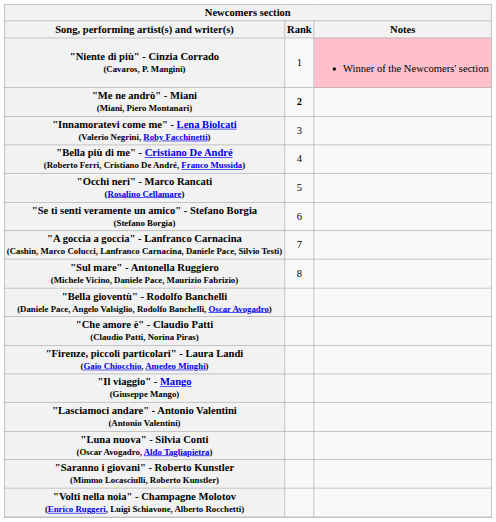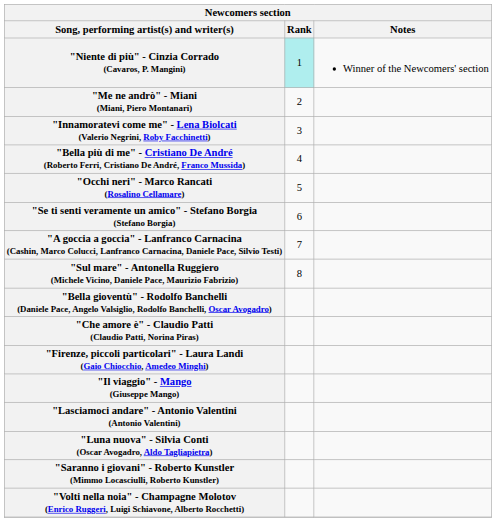 <table class="plainrowheaders wikitable">
 <tr>
 <th colspan="3">Newcomers section </th>
 </tr>
 <tr>
 <th>Song, performing artist(s) and writer(s)</th>
 <th>Rank</th>
 <th>Notes</th>
 </tr>
 <tr>
 <th scope="row">"Niente di più" - Cinzia Corrado <br><small>(Cavaros, P. Mangini)</small></th>
-<td style="text-align:center;">1</td>
-<td style="background: pink;"><br><ul><li>Winner of the Newcomers' section</li></ul></td>
+<td style="background: paleturquoise; text-align:center;">1</td>
+<td><br><ul><li>Winner of the Newcomers' section</li></ul></td>
 </tr>
 <tr>
 <th scope="row">"Me ne andrò" - Miani <br><small>(Miani, Piero Montanari)</small></th>
-<td style="text-align:center;"><strong>2</strong></td>
+<td style="text-align:center;">2</td>
 <td></td>
 </tr>
 <tr>
 <th scope="row">"Innamoratevi come me" - <a href='#'>Lena Biolcati</a> <br><small>(Valerio Negrini, <a href='#'>Roby Facchinetti</a>)</small></th>
 <td style="text-align:center;">3</td>
 <td></td>
 </tr>
 <tr>
 <th scope="row">"Bella più di me" - <a href='#'>Cristiano De André</a> <br><small>(Roberto Ferri, Cristiano De André, <a href='#'>Franco Mussida</a>)</small></th>
 <td style="text-align:center;">4</td>
 <td></td>
 </tr>
 <tr>
 <th scope="row">"Occhi neri" - Marco Rancati <br><small>(<a href='#'>Rosalino Cellamare</a>)</small></th>
 <td style="text-align:center;">5</td>
 <td></td>
 </tr>
 <tr>
 <th scope="row">"Se ti senti veramente un amico" - Stefano Borgia <br><small>(Stefano Borgia)</small></th>
 <td style="text-align:center;">6</td>
 <td></td>
 </tr>
 <tr>
 <th scope="row">"A goccia a goccia" - Lanfranco Carnacina <br><small>(Cashin, Marco Colucci, Lanfranco Carnacina, Daniele Pace, Silvio Testi)</small></th>
 <td style="text-align:center;">7</td>
 <td></td>
 </tr>
 <tr>
 <th scope="row">"Sul mare" - Antonella Ruggiero <br><small>(Michele Vicino, Daniele Pace, Maurizio Fabrizio)</small></th>
 <td style="text-align:center;">8</td>
 <td></td>
 </tr>
 <tr>
 <th scope="row">"Bella gioventù" - Rodolfo Banchelli <br><small>(Daniele Pace, Angelo Valsiglio, Rodolfo Banchelli, <a href='#'>Oscar Avogadro</a>)</small></th>
 <td></td>
 <td></td>
 </tr>
 <tr>
 <th scope="row">"Che amore è" - Claudio Patti <br><small>(Claudio Patti, Norina Piras)</small></th>
 <td></td>
 <td></td>
 </tr>
 <tr>
 <th scope="row">"Firenze, piccoli particolari" - Laura Landi <br><small>(<a href='#'>Gaio Chiocchio</a>, <a href='#'>Amedeo Minghi</a>)</small></th>
 <td></td>
 <td></td>
 </tr>
 <tr>
 <th scope="row">"Il viaggio" - <a href='#'>Mango</a> <br><small>(Giuseppe Mango)</small></th>
 <td></td>
 <td></td>
 </tr>
 <tr>
 <th scope="row">"Lasciamoci andare" - Antonio Valentini <br><small>(Antonio Valentini)</small></th>
 <td></td>
 <td></td>
 </tr>
 <tr>
 <th scope="row">"Luna nuova" - Silvia Conti <br><small>(Oscar Avogadro, <a href='#'>Aldo Tagliapietra</a>)</small></th>
 <td></td>
 <td></td>
 </tr>
 <tr>
 <th scope="row">"Saranno i giovani" - Roberto Kunstler <br><small>(Mimmo Locasciulli, Roberto Kunstler)</small></th>
 <td></td>
 <td></td>
 </tr>
 <tr>
 <th scope="row">"Volti nella noia" - Champagne Molotov <br><small>(<a href='#'>Enrico Ruggeri</a>, Luigi Schiavone, Alberto Rocchetti)</small></th>
 <td></td>
 <td></td>
 </tr>
 <tr>
 </tr>
 </table>
